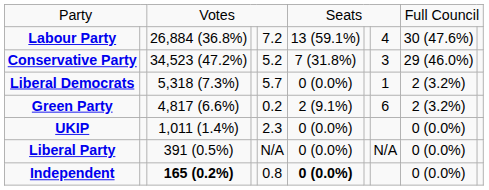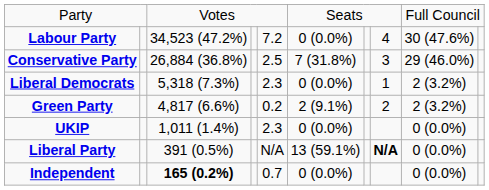 <table class=wikitable style="text-align:center;">
 <tr>
 <td colspan=2>Party</td>
 <td colspan=3>Votes</td>
 <td colspan=3>Seats</td>
 <td colspan=3>Full Council</td>
 </tr>
 <tr>
 <td><strong><a href='#'>Labour Party</a></strong></td>
 <td style="background:"></td>
-<td>26,884 (36.8%)</td>
+<td>34,523 (47.2%)</td>
 <td></td>
 <td> 7.2</td>
-<td>13 (59.1%)</td>
+<td>0 (0.0%)</td>
 <td></td>
 <td> 4</td>
 <td>30 (47.6%)</td>
 <td></td>
 </tr>
 <tr>
 <td><strong><a href='#'>Conservative Party</a></strong></td>
 <td style="background:"></td>
-<td>34,523 (47.2%)</td>
+<td>26,884 (36.8%)</td>
 <td></td>
-<td> 5.2</td>
+<td> 2.5</td>
 <td>7 (31.8%)</td>
 <td></td>
 <td> 3</td>
 <td>29 (46.0%)</td>
 <td></td>
 </tr>
 <tr>
 <td><strong><a href='#'>Liberal Democrats</a></strong></td>
 <td style="background:"></td>
 <td>5,318 (7.3%)</td>
 <td></td>
-<td> 5.7</td>
+<td> 2.3</td>
 <td>0 (0.0%)</td>
 <td></td>
 <td> 1</td>
 <td>2 (3.2%)</td>
 <td></td>
 </tr>
 <tr>
 <td><strong><a href='#'>Green Party</a></strong></td>
 <td style="background:"></td>
 <td>4,817 (6.6%)</td>
 <td></td>
 <td> 0.2</td>
 <td>2 (9.1%)</td>
 <td></td>
-<td> 6</td>
+<td> 2</td>
 <td>2 (3.2%)</td>
 <td></td>
 </tr>
 <tr>
 <td><strong><a href='#'>UKIP</a></strong></td>
 <td style="background:"></td>
 <td>1,011 (1.4%)</td>
 <td></td>
 <td> 2.3</td>
 <td>0 (0.0%)</td>
 <td></td>
 <td></td>
 <td>0 (0.0%)</td>
 <td></td>
 </tr>
 <tr>
 <td><strong><a href='#'>Liberal Party</a></strong></td>
 <td style="background:"></td>
 <td>391 (0.5%)</td>
 <td></td>
 <td>N/A</td>
-<td>0 (0.0%)</td>
+<td>13 (59.1%)</td>
 <td></td>
-<td>N/A</td>
+<td><strong>N/A</strong></td>
 <td>0 (0.0%)</td>
 <td></td>
 </tr>
 <tr>
 <td><strong><a href='#'>Independent</a></strong></td>
 <td style="background:"></td>
 <td><strong>165 (0.2%)</strong></td>
 <td></td>
-<td> 0.8</td>
-<td><strong>0 (0.0%)</strong></td>
+<td> 0.7</td>
+<td>0 (0.0%)</td>
 <td></td>
 <td></td>
 <td>0 (0.0%)</td>
 <td></td>
 </tr>
 </table>
